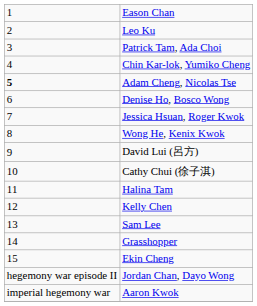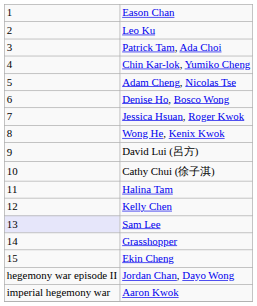 <table class="wikitable">
 <tr>
 <td>1</td>
 <td><a href='#'>Eason Chan</a></td>
 </tr>
 <tr>
 <td>2</td>
 <td><a href='#'>Leo Ku</a></td>
 </tr>
 <tr>
 <td>3</td>
 <td><a href='#'>Patrick Tam</a>, <a href='#'>Ada Choi</a></td>
 </tr>
 <tr>
 <td>4</td>
 <td><a href='#'>Chin Kar-lok</a>, <a href='#'>Yumiko Cheng</a></td>
 </tr>
 <tr>
-<td><strong>5</strong></td>
+<td>5</td>
 <td><a href='#'>Adam Cheng</a>, <a href='#'>Nicolas Tse</a></td>
 </tr>
 <tr>
 <td>6</td>
 <td><a href='#'>Denise Ho</a>, <a href='#'>Bosco Wong</a></td>
 </tr>
 <tr>
 <td>7</td>
 <td><a href='#'>Jessica Hsuan</a>, <a href='#'>Roger Kwok</a></td>
 </tr>
 <tr>
 <td>8</td>
 <td><a href='#'>Wong He</a>, <a href='#'>Kenix Kwok</a></td>
 </tr>
 <tr>
 <td>9</td>
 <td>David Lui (呂方)</td>
 </tr>
 <tr>
 <td>10</td>
 <td>Cathy Chui (徐子淇)</td>
 </tr>
 <tr>
 <td>11</td>
 <td><a href='#'>Halina Tam</a></td>
 </tr>
 <tr>
 <td>12</td>
 <td><a href='#'>Kelly Chen</a></td>
 </tr>
 <tr>
-<td>13</td>
+<td style="background: lavender;">13</td>
 <td><a href='#'>Sam Lee</a></td>
 </tr>
 <tr>
 <td>14</td>
 <td><a href='#'>Grasshopper</a></td>
 </tr>
 <tr>
 <td>15</td>
 <td><a href='#'>Ekin Cheng</a></td>
 </tr>
 <tr>
 <td>hegemony war episode II</td>
 <td><a href='#'>Jordan Chan</a>, <a href='#'>Dayo Wong</a></td>
 </tr>
 <tr>
 <td>imperial hegemony war</td>
 <td><a href='#'>Aaron Kwok</a></td>
 </tr>
 <tr>
 </tr>
 </table>
